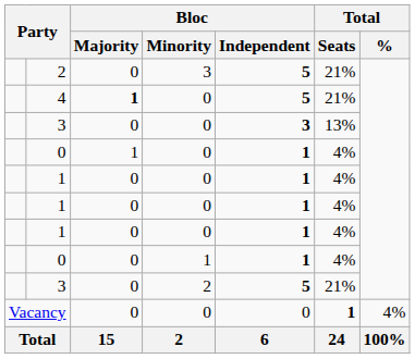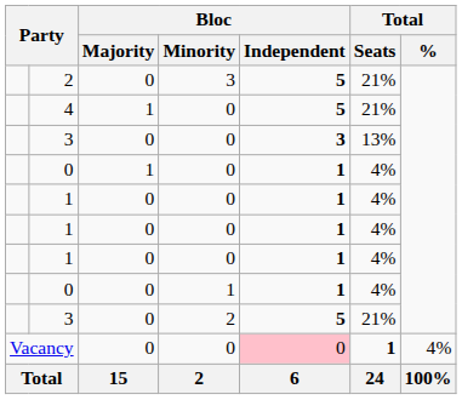 <table class="wikitable" style="text-align:right">
 <tr>
 <th rowspan="2" colspan="2">Party</th>
 <th colspan="3">Bloc</th>
 <th colspan="2">Total</th>
 </tr>
 <tr>
 <th>Majority</th>
 <th>Minority</th>
 <th>Independent</th>
 <th>Seats</th>
 <th>%</th>
 </tr>
 <tr>
 <td></td>
 <td>2</td>
 <td>0</td>
 <td>3</td>
 <td><strong>5</strong></td>
 <td>21%</td>
 </tr>
 <tr>
 <td></td>
 <td>4</td>
-<td><strong>1</strong></td>
+<td>1</td>
 <td>0</td>
 <td><strong>5</strong></td>
 <td>21%</td>
 </tr>
 <tr>
 <td></td>
 <td>3</td>
 <td>0</td>
 <td>0</td>
 <td><strong>3</strong></td>
 <td>13%</td>
 </tr>
 <tr>
 <td></td>
 <td>0</td>
 <td>1</td>
 <td>0</td>
 <td><strong>1</strong></td>
 <td>4%</td>
 </tr>
 <tr>
 <td></td>
 <td>1</td>
 <td>0</td>
 <td>0</td>
 <td><strong>1</strong></td>
 <td>4%</td>
 </tr>
 <tr>
 <td></td>
 <td>1</td>
 <td>0</td>
 <td>0</td>
 <td><strong>1</strong></td>
 <td>4%</td>
 </tr>
 <tr>
 <td></td>
 <td>1</td>
 <td>0</td>
 <td>0</td>
 <td><strong>1</strong></td>
 <td>4%</td>
 </tr>
 <tr>
 <td></td>
 <td>0</td>
 <td>0</td>
 <td>1</td>
 <td><strong>1</strong></td>
 <td>4%</td>
 </tr>
 <tr>
 <td></td>
 <td>3</td>
 <td>0</td>
 <td>2</td>
 <td><strong>5</strong></td>
 <td>21%</td>
 </tr>
 <tr>
 <td align=left colspan=2><a href='#'>Vacancy</a></td>
 <td>0</td>
 <td>0</td>
-<td>0</td>
+<td style="background: pink;">0</td>
 <td><strong>1</strong></td>
 <td>4%</td>
 </tr>
 <tr>
 <th colspan="2">Total</th>
 <th>15</th>
 <th>2</th>
 <th>6</th>
 <th>24</th>
 <th>100%</th>
 </tr>
 </table>
